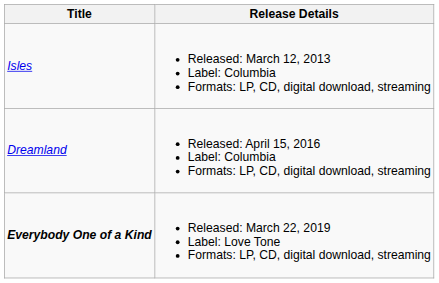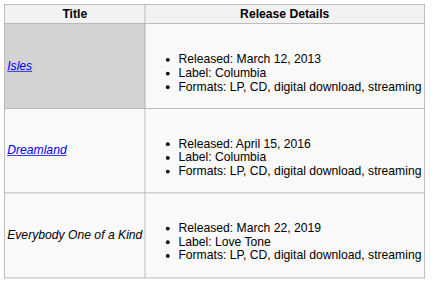 <table class="wikitable">
 <tr>
 <th>Title</th>
 <th>Release Details</th>
 </tr>
 <tr>
-<td><em><a href='#'>Isles</a></em></td>
+<td style="background: lightgrey;"><em><a href='#'>Isles</a></em></td>
 <td><br><ul><li>Released: March 12, 2013</li><li>Label: Columbia</li><li>Formats: LP, CD, digital download, streaming</li></ul></td>
 </tr>
 <tr>
 <td><em><a href='#'>Dreamland</a></em></td>
 <td><br><ul><li>Released: April 15, 2016</li><li>Label: Columbia</li><li>Formats: LP, CD, digital download, streaming</li></ul></td>
 </tr>
 <tr>
-<td><strong><em>Everybody One of a Kind</em></strong></td>
+<td><em>Everybody One of a Kind</em></td>
 <td><br><ul><li>Released: March 22, 2019</li><li>Label: Love Tone</li><li>Formats: LP, CD, digital download, streaming</li></ul></td>
 </tr>
 </table>
